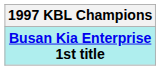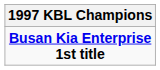 <table class=wikitable style="text-align:center; margin:auto">
 <tr>
 <th>1997 KBL Champions</th>
 </tr>
 <tr>
-<td style="background: paleturquoise;"><strong><a href='#'>Busan Kia Enterprise</a></strong><br><strong>1st title</strong></td>
+<td><strong><a href='#'>Busan Kia Enterprise</a></strong><br><strong>1st title</strong></td>
 </tr>
 </table>
